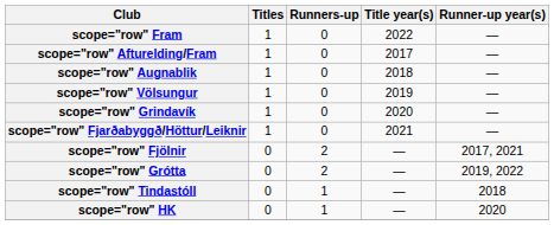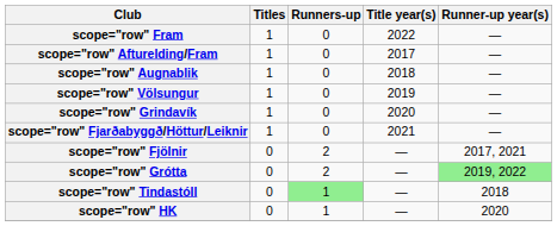 <table class="wikitable" style="text-align:center;">
 <tr>
 <th scope="col">Club</th>
 <th scope="col">Titles</th>
 <th scope="col">Runners-up</th>
 <th scope="col">Title year(s)</th>
 <th scope="col">Runner-up year(s)</th>
 </tr>
 <tr>
 <th>scope="row" <a href='#'>Fram</a></th>
 <td>1</td>
 <td>0</td>
 <td>2022</td>
 <td>—</td>
 </tr>
 <tr>
 <th>scope="row" <a href='#'>Afturelding</a>/<a href='#'>Fram</a></th>
 <td>1</td>
 <td>0</td>
 <td>2017</td>
 <td>—</td>
 </tr>
 <tr>
 <th>scope="row" <a href='#'>Augnablik</a></th>
 <td>1</td>
 <td>0</td>
 <td>2018</td>
 <td>—</td>
 </tr>
 <tr>
 <th>scope="row" <a href='#'>Völsungur</a></th>
 <td>1</td>
 <td>0</td>
 <td>2019</td>
 <td>—</td>
 </tr>
 <tr>
 <th>scope="row" <a href='#'>Grindavík</a></th>
 <td>1</td>
 <td>0</td>
 <td>2020</td>
 <td>—</td>
 </tr>
 <tr>
 <th>scope="row" <a href='#'>Fjarðabyggð</a>/<a href='#'>Höttur</a>/<a href='#'>Leiknir</a></th>
 <td>1</td>
 <td>0</td>
 <td>2021</td>
 <td>—</td>
 </tr>
 <tr>
 <th>scope="row" <a href='#'>Fjölnir</a></th>
 <td>0</td>
 <td>2</td>
 <td>—</td>
 <td>2017, 2021</td>
 </tr>
 <tr>
 <th>scope="row" <a href='#'>Grótta</a></th>
 <td>0</td>
 <td>2</td>
 <td>—</td>
-<td>2019, 2022</td>
+<td style="background: lightgreen;">2019, 2022</td>
 </tr>
 <tr>
 <th>scope="row" <a href='#'>Tindastóll</a></th>
 <td>0</td>
-<td>1</td>
+<td style="background: lightgreen;">1</td>
 <td>—</td>
 <td>2018</td>
 </tr>
 <tr>
 <th>scope="row" <a href='#'>HK</a></th>
 <td>0</td>
 <td>1</td>
 <td>—</td>
 <td>2020</td>
 </tr>
 <tr>
 </tr>
 </table>
